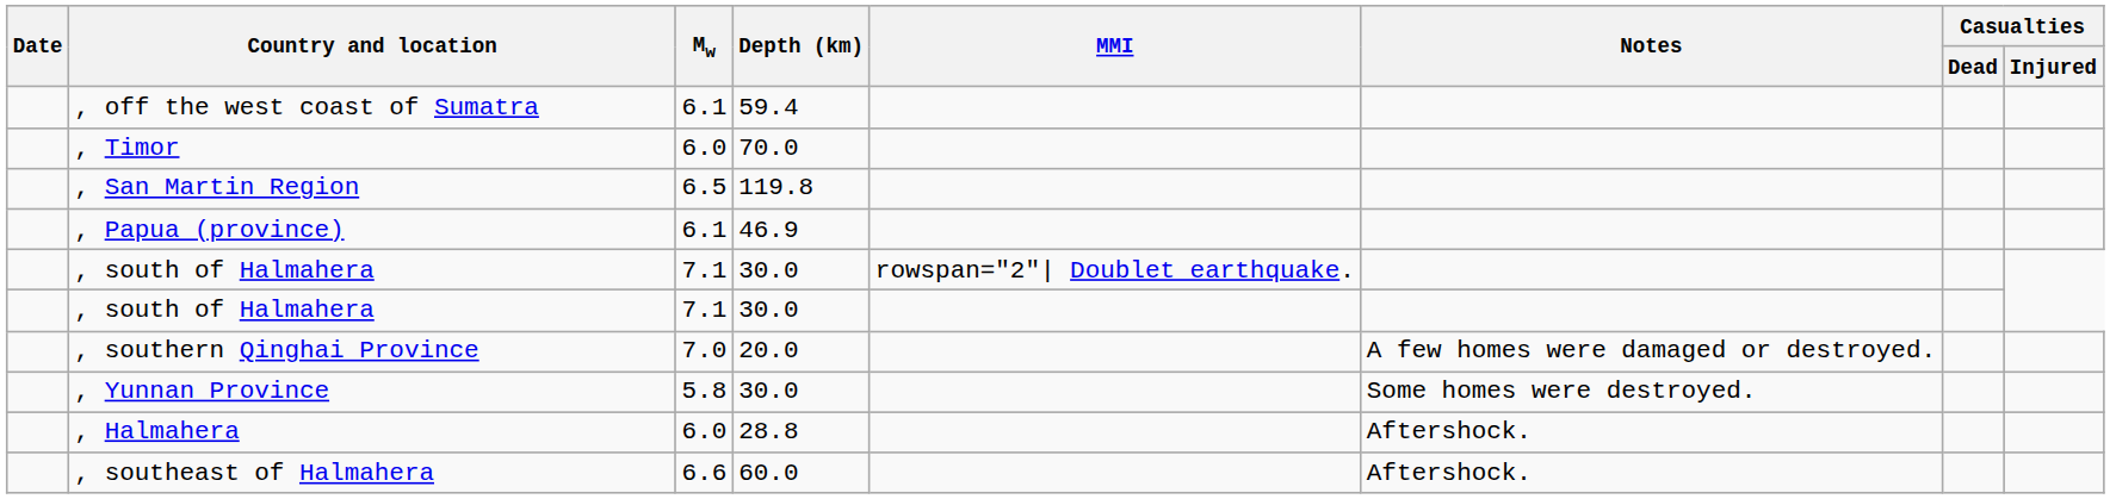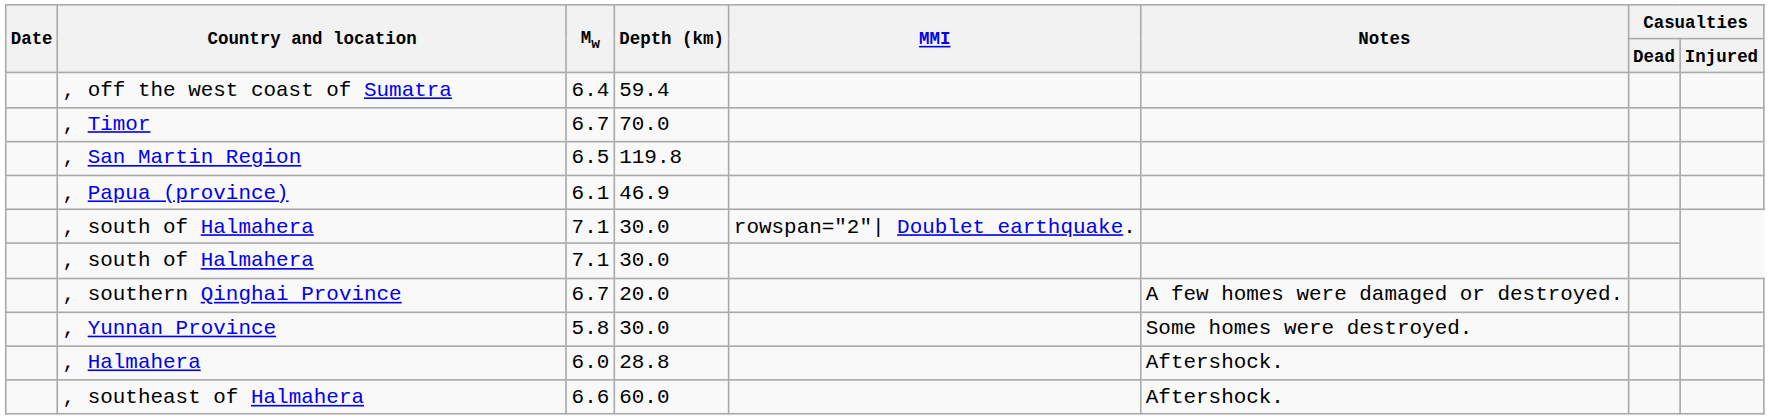 <table class="wikitable sortable sort-under" style="border:1px black; margin-left:1em;">
 <tr>
 <th rowspan="2"><small>Date</small></th>
 <th rowspan="2" style="width: 310px"><small>Country and location</small></th>
 <th rowspan="2"><small>M<sub>w</sub></small></th>
 <th rowspan="2"><small>Depth (km)</small></th>
 <th rowspan="2"><small><a href='#'>MMI</a></small></th>
 <th rowspan="2" class="unsortable"><small>Notes</small></th>
 <th colspan="2"><small>Casualties</small></th>
 </tr>
 <tr>
 <th><small>Dead</small></th>
 <th><small>Injured</small></th>
 </tr>
 <tr>
 <td></td>
 <td>, off the west coast of <a href='#'>Sumatra</a></td>
-<td>6.1</td>
+<td>6.4</td>
 <td>59.4</td>
 <td></td>
 <td></td>
 <td></td>
 <td></td>
 </tr>
 <tr>
 <td></td>
 <td>, <a href='#'>Timor</a></td>
-<td>6.0</td>
+<td>6.7</td>
 <td>70.0</td>
 <td></td>
 <td></td>
 <td></td>
 <td></td>
 </tr>
 <tr>
 <td></td>
 <td>, <a href='#'>San Martin Region</a></td>
 <td>6.5</td>
 <td>119.8</td>
 <td></td>
 <td></td>
 <td></td>
 <td></td>
 </tr>
 <tr>
 <td></td>
 <td>, <a href='#'>Papua (province)</a></td>
 <td>6.1</td>
 <td>46.9</td>
 <td></td>
 <td></td>
 <td></td>
 <td></td>
 </tr>
 <tr>
 <td></td>
 <td>, south of <a href='#'>Halmahera</a></td>
 <td>7.1</td>
 <td>30.0</td>
 <td>rowspan="2"| <a href='#'>Doublet earthquake</a>.</td>
 <td></td>
 <td></td>
 </tr>
 <tr>
 <td></td>
 <td>, south of <a href='#'>Halmahera</a></td>
 <td>7.1</td>
 <td>30.0</td>
 <td></td>
 <td></td>
 <td></td>
 </tr>
 <tr>
 <td></td>
 <td>, southern <a href='#'>Qinghai Province</a></td>
-<td>7.0</td>
+<td>6.7</td>
 <td>20.0</td>
 <td></td>
 <td>A few homes were damaged or destroyed.</td>
 <td></td>
 <td></td>
 </tr>
 <tr>
 <td></td>
 <td>, <a href='#'>Yunnan Province</a></td>
 <td>5.8</td>
 <td>30.0</td>
 <td></td>
 <td>Some homes were destroyed.</td>
 <td></td>
 <td></td>
 </tr>
 <tr>
 <td></td>
 <td>, <a href='#'>Halmahera</a></td>
 <td>6.0</td>
 <td>28.8</td>
 <td></td>
 <td>Aftershock.</td>
 <td></td>
 <td></td>
 </tr>
 <tr>
 <td></td>
 <td>, southeast of <a href='#'>Halmahera</a></td>
 <td>6.6</td>
 <td>60.0</td>
 <td></td>
 <td>Aftershock.</td>
 <td></td>
 <td></td>
 </tr>
 </table>
